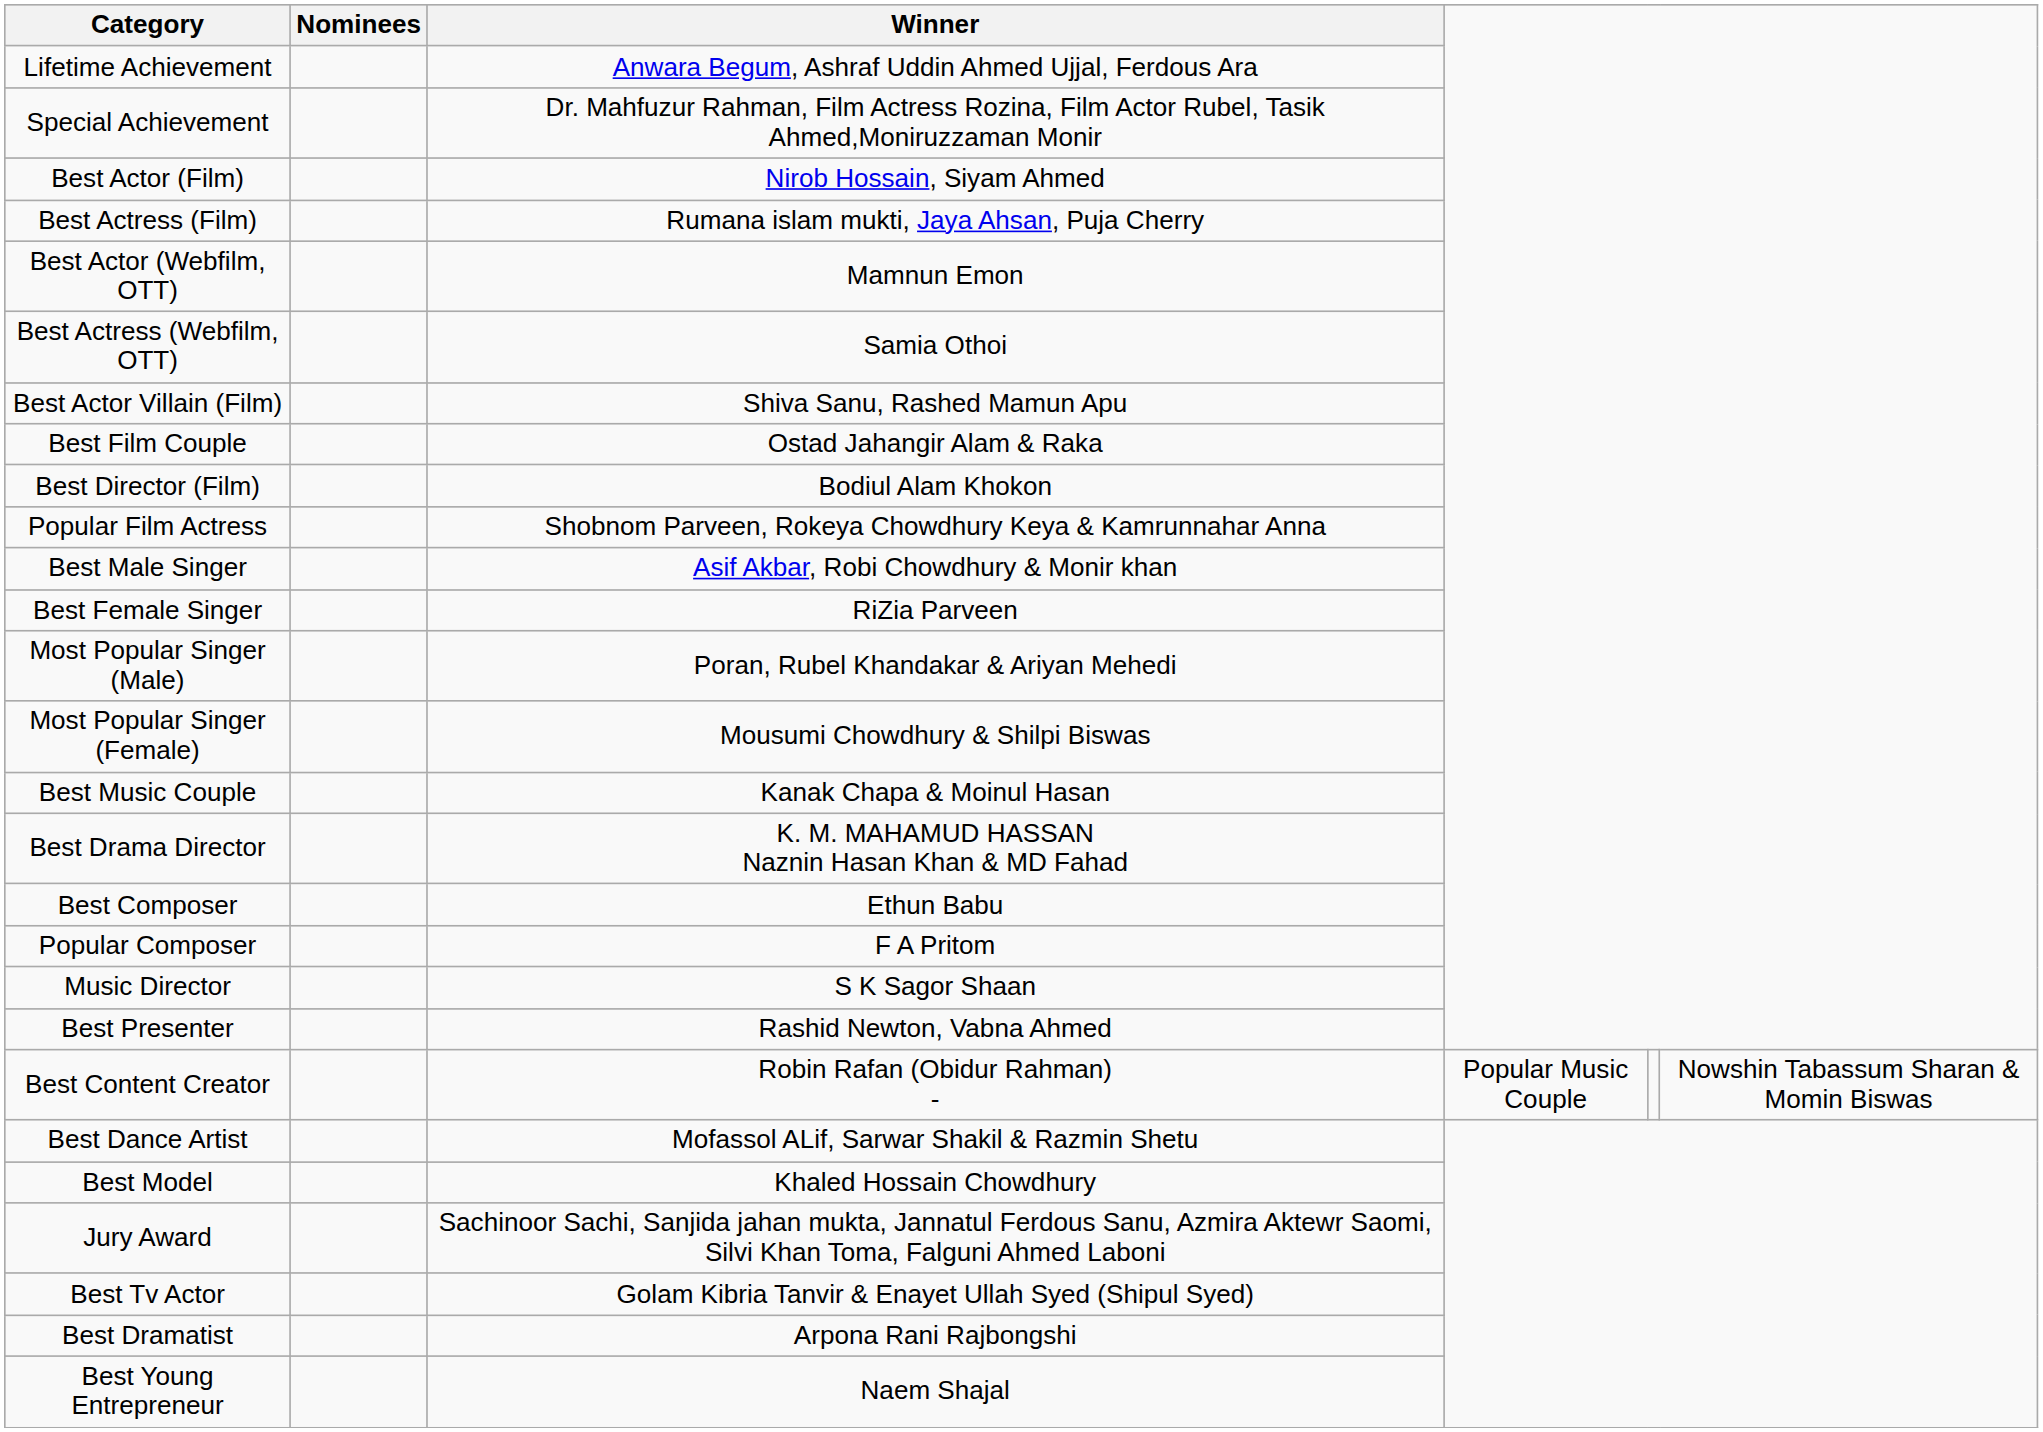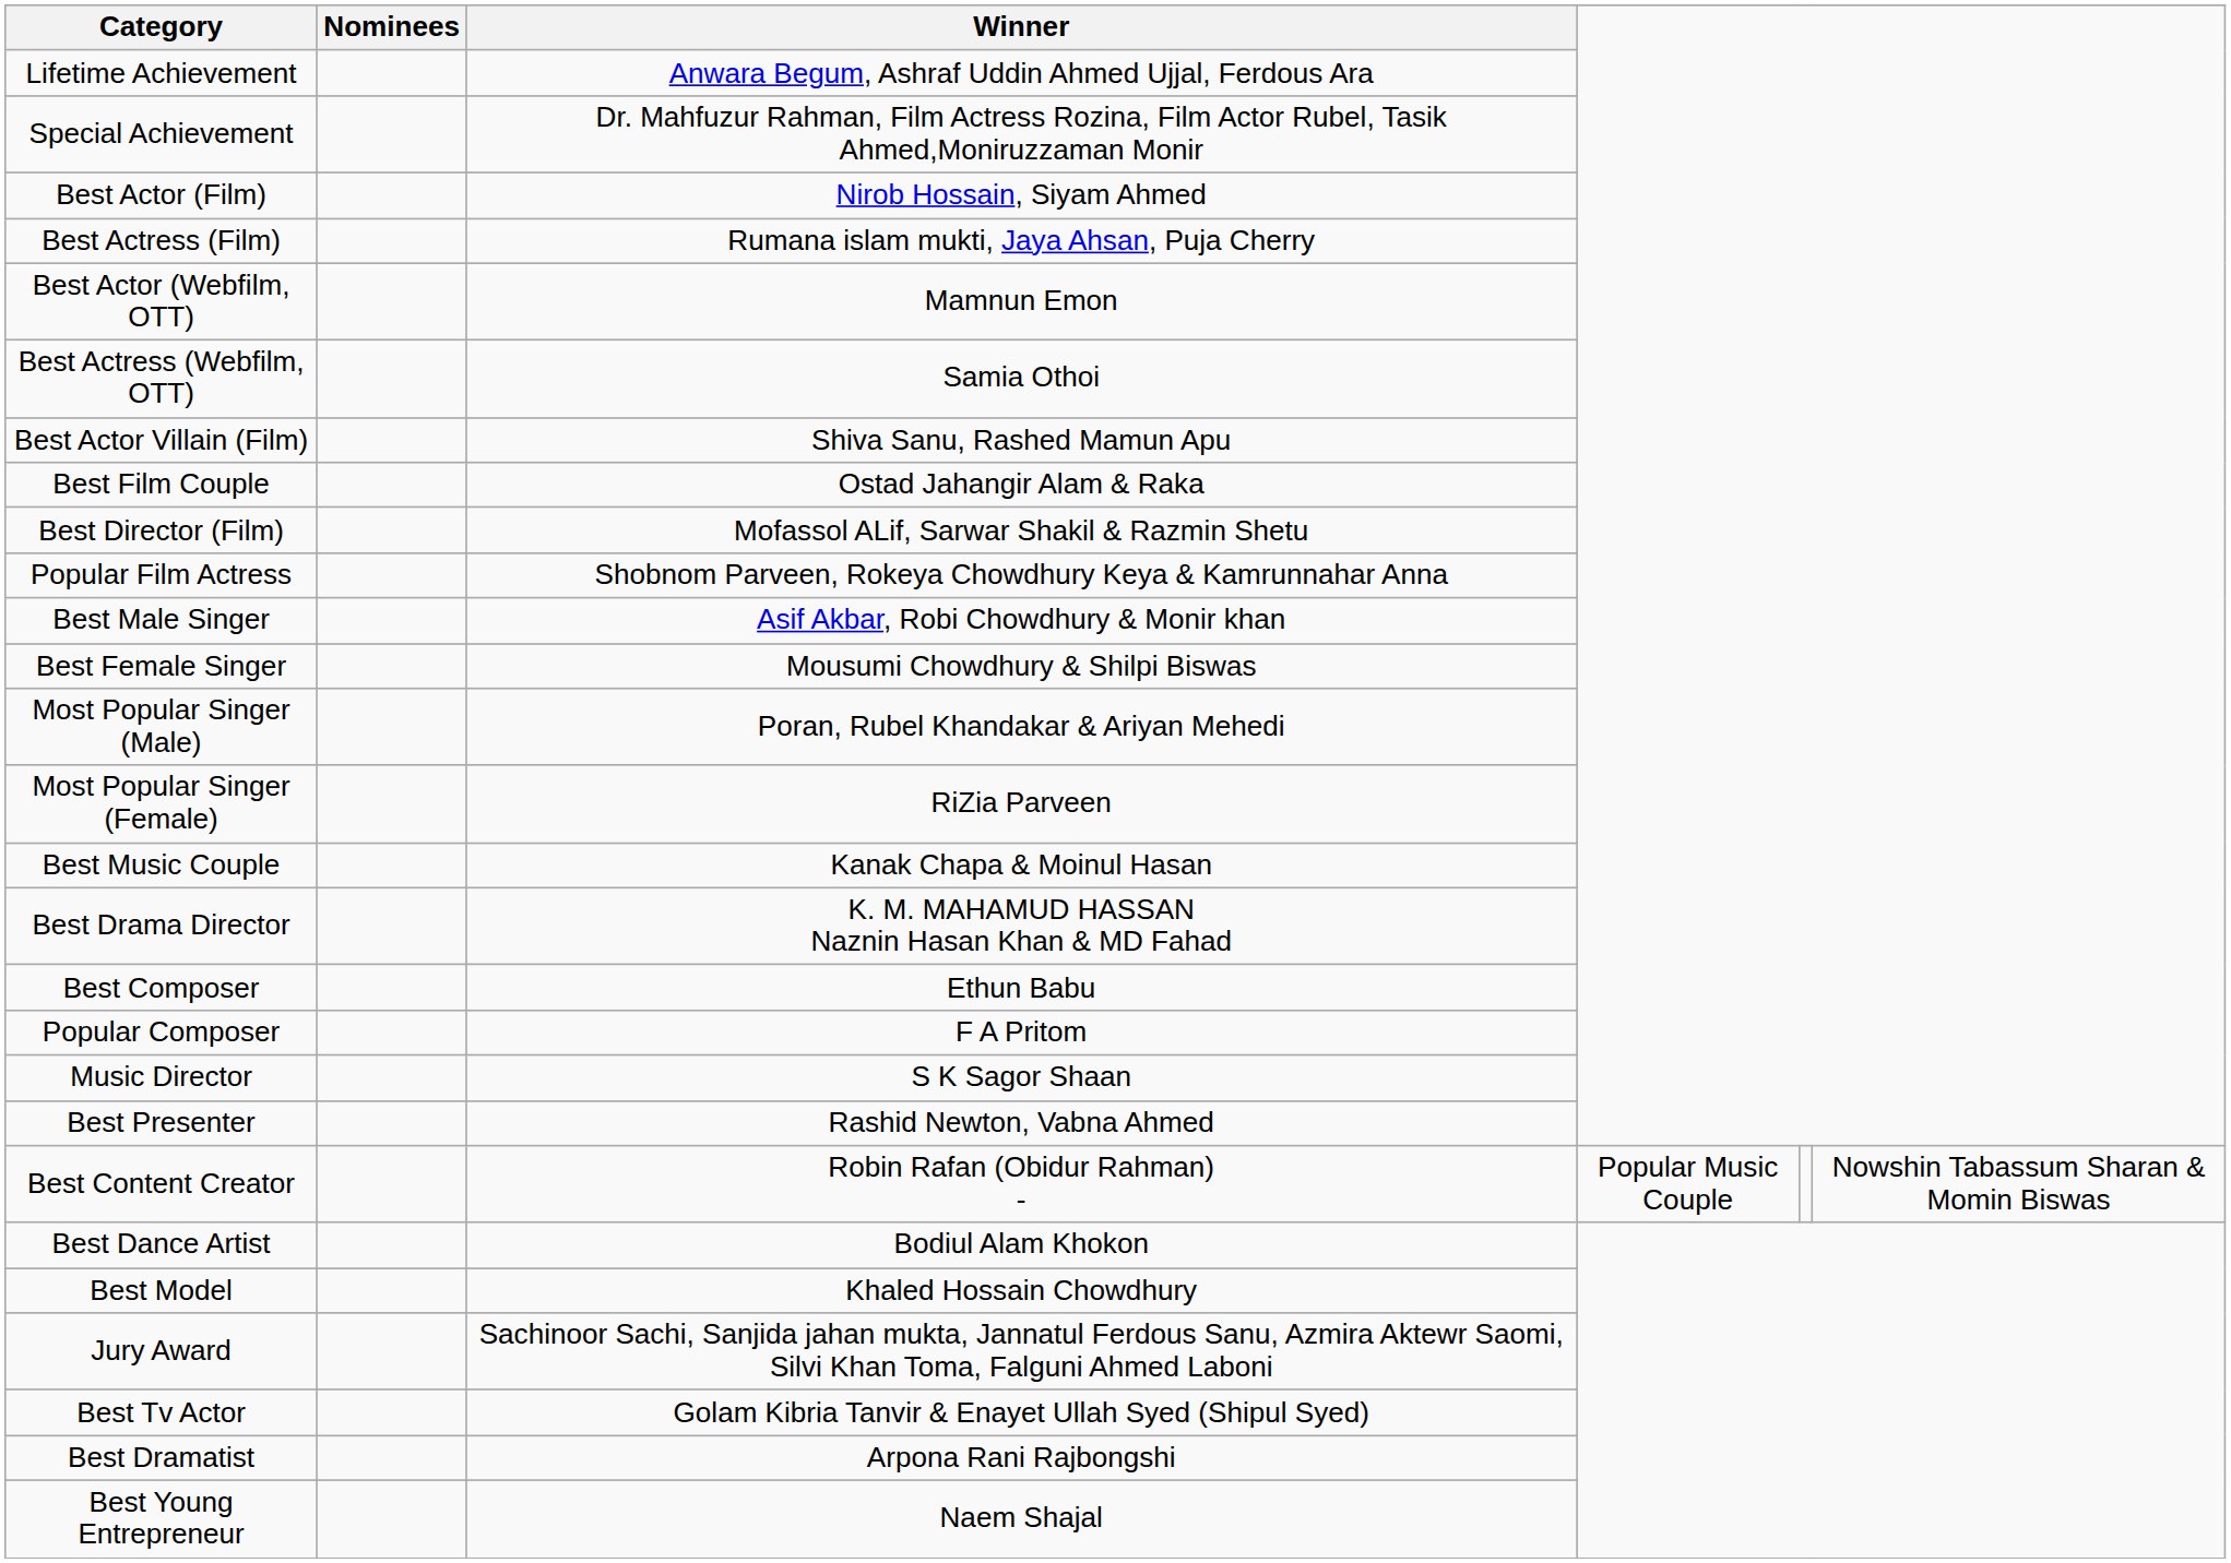 <table class="sortable wikitable"  style="text-align: center">
 <tr>
 <th>Category</th>
 <th>Nominees</th>
 <th>Winner</th>
 </tr>
 <tr>
 <td>Lifetime Achievement</td>
 <td></td>
 <td><a href='#'>Anwara Begum</a>, Ashraf Uddin Ahmed Ujjal, Ferdous Ara</td>
 </tr>
 <tr>
 <td>Special Achievement</td>
 <td></td>
 <td>Dr. Mahfuzur Rahman, Film Actress Rozina, Film Actor Rubel, Tasik Ahmed,Moniruzzaman Monir</td>
 </tr>
 <tr>
 <td>Best Actor (Film)</td>
 <td></td>
 <td><a href='#'>Nirob Hossain</a>, Siyam Ahmed</td>
 </tr>
 <tr>
 <td>Best Actress (Film)</td>
 <td></td>
 <td>Rumana islam mukti, <a href='#'>Jaya Ahsan</a>, Puja Cherry</td>
 </tr>
 <tr>
 <td>Best Actor (Webfilm, OTT)</td>
 <td></td>
 <td>Mamnun Emon</td>
 </tr>
 <tr>
 <td>Best Actress (Webfilm, OTT)</td>
 <td></td>
 <td>Samia Othoi</td>
 </tr>
 <tr>
 <td>Best Actor Villain (Film)</td>
 <td></td>
 <td>Shiva Sanu, Rashed Mamun Apu</td>
 </tr>
 <tr>
 <td>Best Film Couple</td>
 <td></td>
 <td>Ostad Jahangir Alam & Raka</td>
 </tr>
 <tr>
 <td>Best Director (Film)</td>
 <td></td>
-<td>Bodiul Alam Khokon</td>
+<td>Mofassol ALif, Sarwar Shakil & Razmin Shetu</td>
 </tr>
 <tr>
 <td>Popular Film Actress</td>
 <td></td>
 <td>Shobnom Parveen, Rokeya Chowdhury Keya & Kamrunnahar Anna</td>
 </tr>
 <tr>
 <td>Best Male Singer</td>
 <td></td>
 <td><a href='#'>Asif Akbar</a>, Robi Chowdhury & Monir khan</td>
 </tr>
 <tr>
 <td>Best Female Singer</td>
 <td></td>
-<td>RiZia Parveen</td>
+<td>Mousumi Chowdhury & Shilpi Biswas</td>
 </tr>
 <tr>
 <td>Most Popular Singer (Male)</td>
 <td></td>
 <td>Poran, Rubel Khandakar & Ariyan Mehedi</td>
 </tr>
 <tr>
 <td>Most Popular Singer (Female)</td>
 <td></td>
-<td>Mousumi Chowdhury & Shilpi Biswas</td>
+<td>RiZia Parveen</td>
 </tr>
 <tr>
 <td>Best Music Couple</td>
 <td></td>
 <td>Kanak Chapa & Moinul Hasan</td>
 </tr>
 <tr>
 <td>Best Drama Director</td>
 <td></td>
 <td>K. M. MAHAMUD HASSAN<br>Naznin Hasan Khan & MD Fahad</td>
 </tr>
 <tr>
 <td>Best Composer</td>
 <td></td>
 <td>Ethun Babu</td>
 </tr>
 <tr>
 <td>Popular Composer</td>
 <td></td>
 <td>F A Pritom</td>
 </tr>
 <tr>
 <td>Music Director</td>
 <td></td>
 <td>S K Sagor Shaan</td>
 </tr>
 <tr>
 <td>Best Presenter</td>
 <td></td>
 <td>Rashid Newton, Vabna Ahmed</td>
 </tr>
 <tr>
 <td>Best Content Creator</td>
 <td></td>
 <td>Robin Rafan (Obidur Rahman)<br>-</td>
 <td>Popular Music Couple</td>
 <td></td>
 <td>Nowshin Tabassum Sharan & Momin Biswas</td>
 </tr>
 <tr>
 <td>Best Dance Artist</td>
 <td></td>
-<td>Mofassol ALif, Sarwar Shakil & Razmin Shetu</td>
+<td>Bodiul Alam Khokon</td>
 </tr>
 <tr>
 <td>Best Model</td>
 <td></td>
 <td>Khaled Hossain Chowdhury</td>
 </tr>
 <tr>
 <td>Jury Award</td>
 <td></td>
 <td>Sachinoor Sachi, Sanjida jahan mukta, Jannatul Ferdous Sanu, Azmira Aktewr Saomi, Silvi Khan Toma, Falguni Ahmed Laboni</td>
 </tr>
 <tr>
 <td>Best Tv Actor</td>
 <td></td>
 <td>Golam Kibria Tanvir & Enayet Ullah Syed (Shipul Syed)</td>
 </tr>
 <tr>
 <td>Best Dramatist</td>
 <td></td>
 <td>Arpona Rani Rajbongshi</td>
 </tr>
 <tr>
 <td>Best Young Entrepreneur</td>
 <td></td>
 <td>Naem Shajal</td>
 </tr>
 <tr>
 </tr>
 </table>
